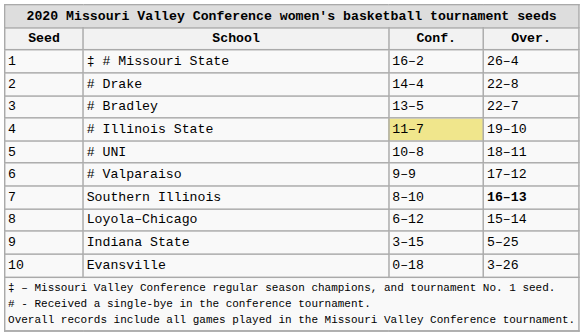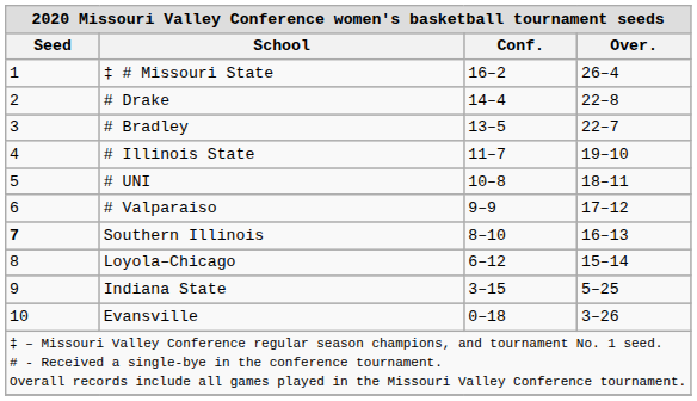 <table class="wikitable" style="white-space:nowrap; font-size:70%;">
 <tr>
 <td colspan="4" style="text-align:center; background:#DDDDDD; font:#000000"><strong>2020 Missouri Valley Conference women's basketball tournament seeds</strong></td>
 </tr>
 <tr bgcolor="#efefef">
 <th>Seed</th>
 <th>School</th>
 <th>Conf.</th>
 <th>Over.</th>
 </tr>
 <tr>
 <td>1</td>
 <td>‡ # Missouri State</td>
 <td>16–2</td>
 <td>26–4</td>
 </tr>
 <tr>
 <td>2</td>
 <td># Drake</td>
 <td>14–4</td>
 <td>22–8</td>
 </tr>
 <tr>
 <td>3</td>
 <td># Bradley</td>
 <td>13–5</td>
 <td>22–7</td>
 </tr>
 <tr>
 <td>4</td>
 <td># Illinois State</td>
-<td style="background: khaki;">11–7</td>
+<td>11–7</td>
 <td>19–10</td>
 </tr>
 <tr>
 <td>5</td>
 <td># UNI</td>
 <td>10–8</td>
 <td>18–11</td>
 </tr>
 <tr>
 <td>6</td>
 <td># Valparaiso</td>
 <td>9–9</td>
 <td>17–12</td>
 </tr>
 <tr>
-<td>7</td>
+<td><strong>7</strong></td>
 <td>Southern Illinois</td>
 <td>8–10</td>
-<td><strong>16–13</strong></td>
+<td>16–13</td>
 </tr>
 <tr>
 <td>8</td>
 <td>Loyola–Chicago</td>
 <td>6–12</td>
 <td>15–14</td>
 </tr>
 <tr>
 <td>9</td>
 <td>Indiana State</td>
 <td>3–15</td>
 <td>5–25</td>
 </tr>
 <tr>
 <td>10</td>
 <td>Evansville</td>
 <td>0–18</td>
 <td>3–26</td>
 </tr>
 <tr>
 <td colspan="4" style="text-align:left;"><small>‡ – Missouri Valley Conference regular season champions, and tournament No. 1 seed.<br># - Received a single-bye in the conference tournament.<br>Overall records include all games played in the Missouri Valley Conference tournament.</small></td>
 </tr>
 <tr>
 </tr>
 </table>
